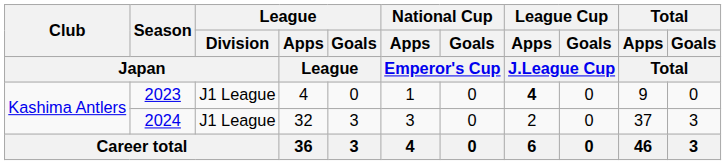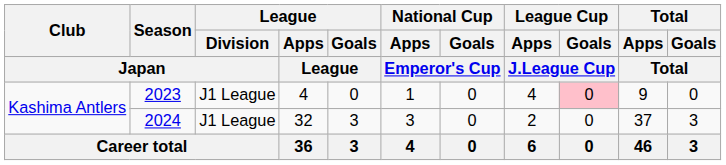 <table class="wikitable" style="text-align: center">
 <tr>
 <th rowspan="2">Club</th>
 <th rowspan="2">Season</th>
 <th colspan="3">League</th>
 <th colspan="2">National Cup</th>
 <th colspan="2">League Cup</th>
 <th colspan="2">Total</th>
 </tr>
 <tr>
 <th>Division</th>
 <th>Apps</th>
 <th>Goals</th>
 <th>Apps</th>
 <th>Goals</th>
 <th>Apps</th>
 <th>Goals</th>
 <th>Apps</th>
 <th>Goals</th>
 </tr>
 <tr>
 <th colspan=3>Japan</th>
 <th colspan=2>League</th>
 <th colspan=2><a href='#'>Emperor's Cup</a></th>
 <th colspan=2><a href='#'>J.League Cup</a></th>
 <th colspan=2>Total</th>
 </tr>
 <tr>
 <td rowspan="2"><a href='#'>Kashima Antlers</a></td>
 <td><a href='#'>2023</a></td>
 <td>J1 League</td>
 <td>4</td>
 <td>0</td>
 <td>1</td>
 <td>0</td>
-<td><strong>4</strong></td>
-<td>0</td>
+<td>4</td>
+<td style="background: pink;">0</td>
 <td>9</td>
 <td>0</td>
 </tr>
 <tr>
 <td><a href='#'>2024</a></td>
 <td>J1 League</td>
 <td>32</td>
 <td>3</td>
 <td>3</td>
 <td>0</td>
 <td>2</td>
 <td>0</td>
 <td>37</td>
 <td>3</td>
 </tr>
 <tr>
 <th colspan=3>Career total</th>
 <th>36</th>
 <th>3</th>
 <th>4</th>
 <th>0</th>
 <th>6</th>
 <th>0</th>
 <th>46</th>
 <th>3</th>
 </tr>
 </table>
